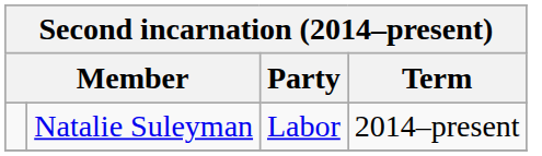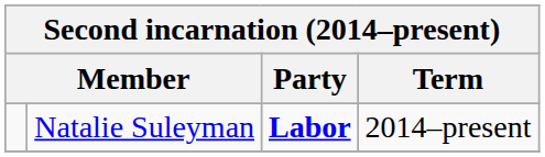 <table class="wikitable">
 <tr>
 <th colspan="4">Second incarnation (2014–present)</th>
 </tr>
 <tr>
 <th colspan="2">Member</th>
 <th>Party</th>
 <th>Term</th>
 </tr>
 <tr>
 <td> </td>
 <td><a href='#'>Natalie Suleyman</a></td>
-<td><a href='#'>Labor</a></td>
+<td><strong><a href='#'>Labor</a></strong></td>
 <td>2014–present</td>
 </tr>
 <tr>
 </tr>
 </table>
